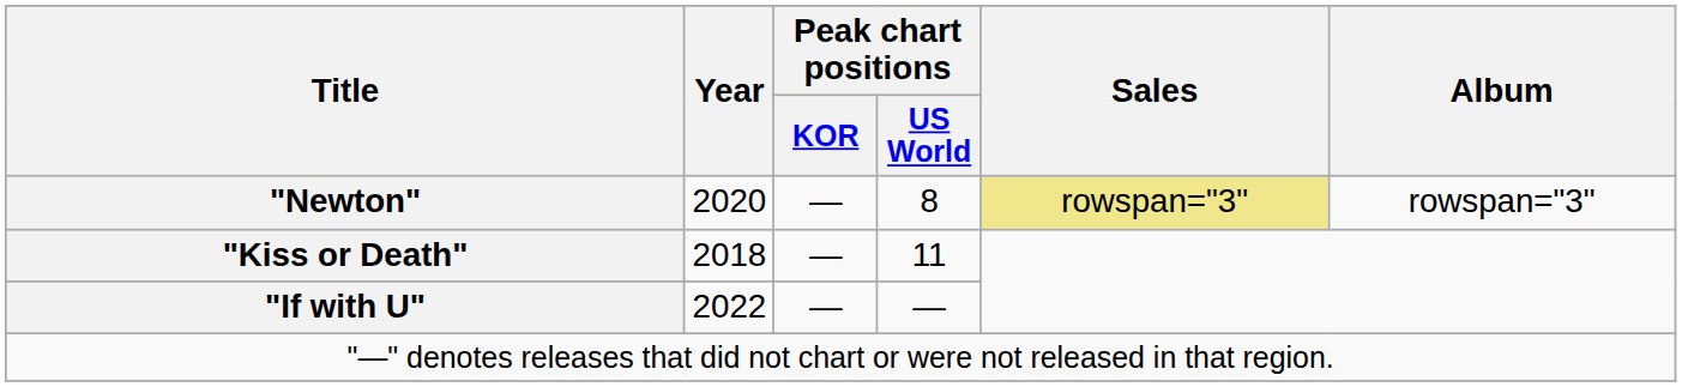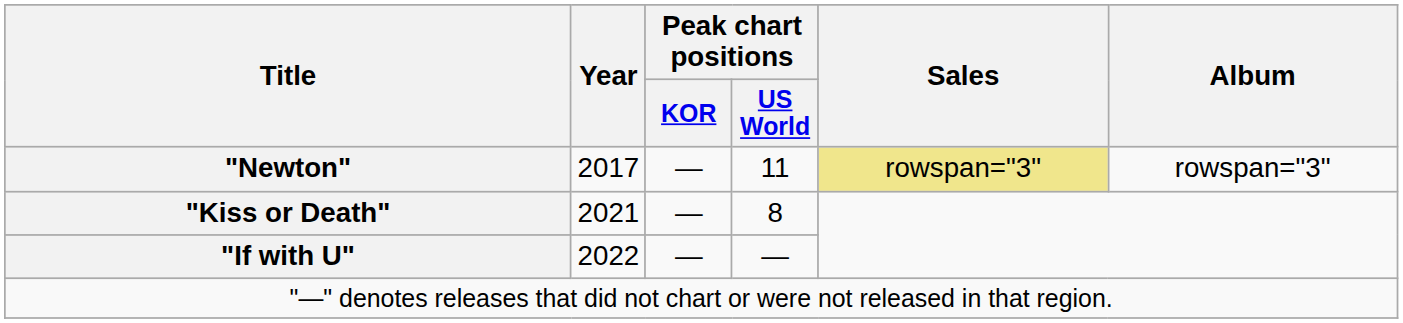 <table class="wikitable plainrowheaders" style="text-align:center;">
 <tr>
 <th scope="col" rowspan="2" style="width:20em;">Title</th>
 <th scope="col" rowspan="2">Year</th>
 <th scope="col" colspan="2">Peak chart positions</th>
 <th scope="col" rowspan="2" style="width:10em;">Sales</th>
 <th scope="col" rowspan="2" style="width:10em;">Album</th>
 </tr>
 <tr>
 <th scope="col" style="width:3em;font-size:90%;"><a href='#'>KOR</a><br></th>
 <th scope="col" style="width:3em;font-size:90%;"><a href='#'>US<br>World</a><br></th>
 </tr>
 <tr>
 <th scope="row">"Newton"</th>
-<td>2020</td>
+<td>2017</td>
 <td>—</td>
-<td>8</td>
+<td>11</td>
 <td style="background: khaki;">rowspan="3" </td>
 <td>rowspan="3" </td>
 </tr>
 <tr>
 <th scope="row">"Kiss or Death"</th>
-<td>2018</td>
+<td>2021</td>
 <td>—</td>
-<td>11</td>
+<td>8</td>
 </tr>
 <tr>
 <th scope="row">"If with U"</th>
 <td>2022</td>
 <td>—</td>
 <td>—</td>
 </tr>
 <tr>
 <td colspan="6" style="font-size:90%">"—" denotes releases that did not chart or were not released in that region.</td>
 </tr>
 </table>
